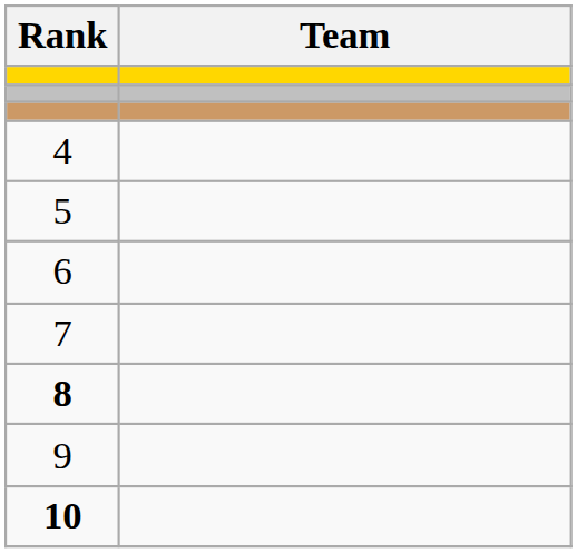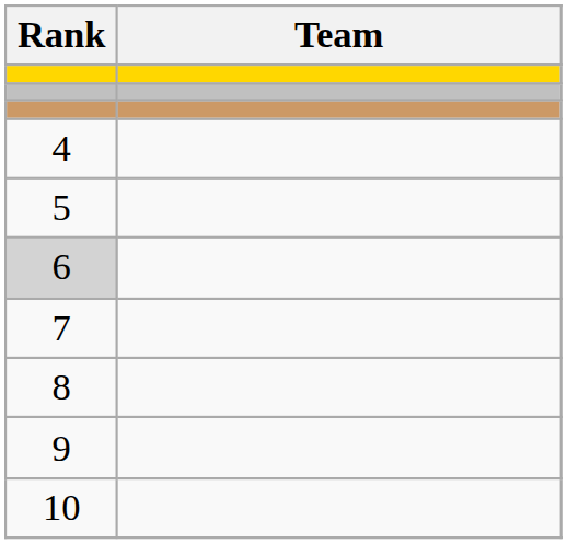 <table class="wikitable" style="text-align: center;">
 <tr>
 <th width=40>Rank</th>
 <th width=180>Team</th>
 </tr>
 <tr bgcolor=gold>
 <td></td>
 <td align=left></td>
 </tr>
 <tr bgcolor=silver>
 <td></td>
 <td align=left></td>
 </tr>
 <tr bgcolor=CC9966>
 <td></td>
 <td align=left></td>
 </tr>
 <tr>
 <td>4</td>
 <td align=left></td>
 </tr>
 <tr>
 <td>5</td>
 <td align=left></td>
 </tr>
 <tr>
-<td>6</td>
+<td style="background: lightgrey;">6</td>
 <td align=left></td>
 </tr>
 <tr>
 <td>7</td>
 <td align=left></td>
 </tr>
 <tr>
-<td><strong>8</strong></td>
+<td>8</td>
 <td align=left></td>
 </tr>
 <tr>
 <td>9</td>
 <td align=left></td>
 </tr>
 <tr>
-<td><strong>10</strong></td>
+<td>10</td>
 <td align=left></td>
 </tr>
 <tr>
 </tr>
 </table>
